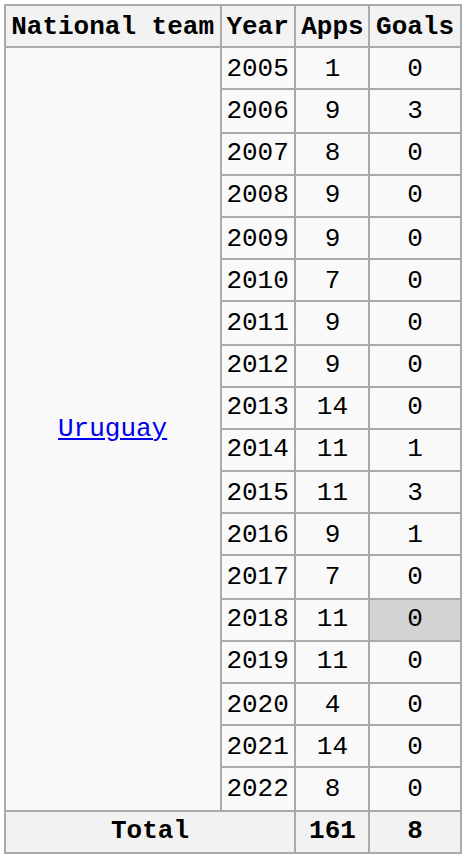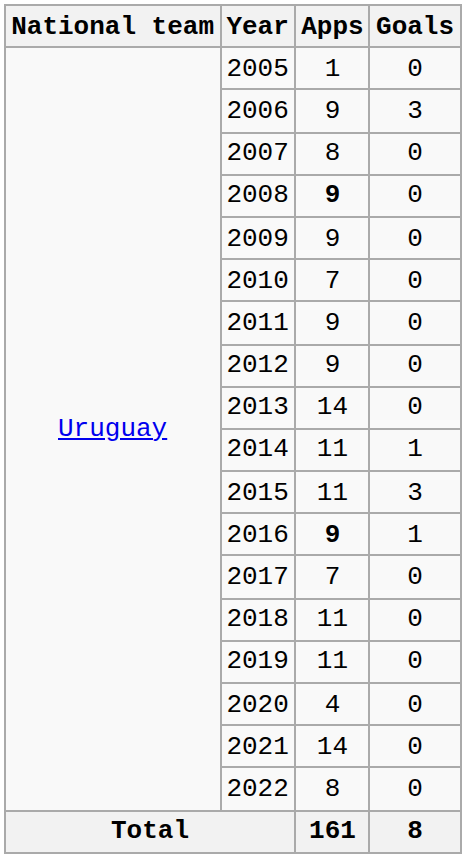 <table class="wikitable" style="text-align:center">
 <tr>
 <th>National team</th>
 <th>Year</th>
 <th>Apps</th>
 <th>Goals</th>
 </tr>
 <tr>
 <td rowspan="18"><a href='#'>Uruguay</a></td>
 <td>2005</td>
 <td>1</td>
 <td>0</td>
 </tr>
 <tr>
 <td>2006</td>
 <td>9</td>
 <td>3</td>
 </tr>
 <tr>
 <td>2007</td>
 <td>8</td>
 <td>0</td>
 </tr>
 <tr>
 <td>2008</td>
-<td>9</td>
+<td><strong>9</strong></td>
 <td>0</td>
 </tr>
 <tr>
 <td>2009</td>
 <td>9</td>
 <td>0</td>
 </tr>
 <tr>
 <td>2010</td>
 <td>7</td>
 <td>0</td>
 </tr>
 <tr>
 <td>2011</td>
 <td>9</td>
 <td>0</td>
 </tr>
 <tr>
 <td>2012</td>
 <td>9</td>
 <td>0</td>
 </tr>
 <tr>
 <td>2013</td>
 <td>14</td>
 <td>0</td>
 </tr>
 <tr>
 <td>2014</td>
 <td>11</td>
 <td>1</td>
 </tr>
 <tr>
 <td>2015</td>
 <td>11</td>
 <td>3</td>
 </tr>
 <tr>
 <td>2016</td>
-<td>9</td>
+<td><strong>9</strong></td>
 <td>1</td>
 </tr>
 <tr>
 <td>2017</td>
 <td>7</td>
 <td>0</td>
 </tr>
 <tr>
 <td>2018</td>
 <td>11</td>
-<td style="background: lightgrey;">0</td>
+<td>0</td>
 </tr>
 <tr>
 <td>2019</td>
 <td>11</td>
 <td>0</td>
 </tr>
 <tr>
 <td>2020</td>
 <td>4</td>
 <td>0</td>
 </tr>
 <tr>
 <td>2021</td>
 <td>14</td>
 <td>0</td>
 </tr>
 <tr>
 <td>2022</td>
 <td>8</td>
 <td>0</td>
 </tr>
 <tr>
 <th colspan="2">Total</th>
 <th>161</th>
 <th>8</th>
 </tr>
 </table>
